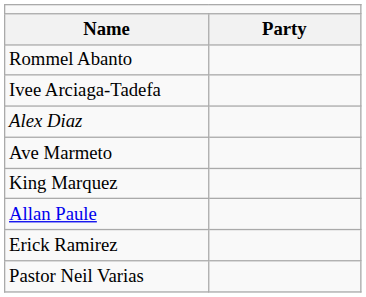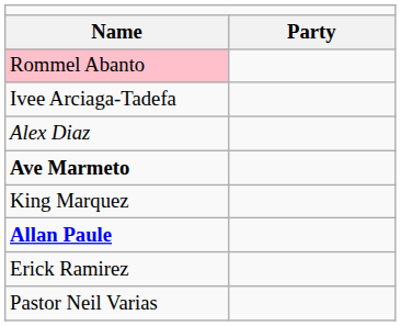 <table class=wikitable style="font-size:90%">
 <tr>
 <td colspan=4 bgcolor=></td>
 </tr>
 <tr>
 <th width=150px>Name</th>
 <th colspan=2 width=110px>Party</th>
 </tr>
 <tr>
-<td>Rommel Abanto</td>
+<td style="background: pink;">Rommel Abanto</td>
 <td></td>
 </tr>
 <tr>
 <td>Ivee Arciaga-Tadefa</td>
 <td></td>
 </tr>
 <tr>
 <td><em>Alex Diaz</em></td>
 <td></td>
 </tr>
 <tr>
-<td>Ave Marmeto</td>
+<td><strong>Ave Marmeto</strong></td>
 <td></td>
 </tr>
 <tr>
 <td>King Marquez</td>
 <td></td>
 </tr>
 <tr>
-<td><a href='#'>Allan Paule</a></td>
+<td><strong><a href='#'>Allan Paule</a></strong></td>
 <td></td>
 </tr>
 <tr>
 <td>Erick Ramirez</td>
 <td></td>
 </tr>
 <tr>
 <td>Pastor Neil Varias</td>
 <td></td>
 </tr>
 </table>
